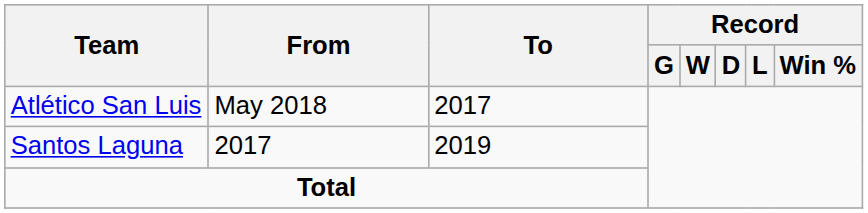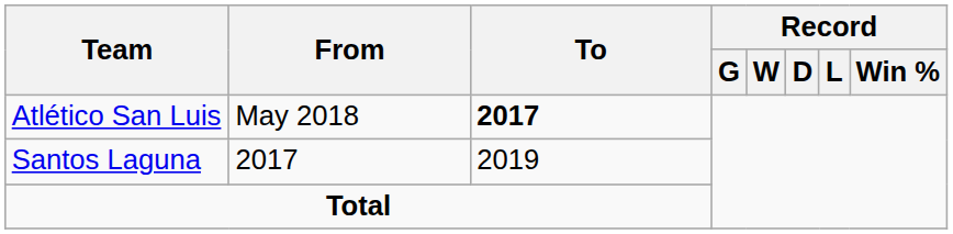 <table class="wikitable" style="text-align: center">
 <tr>
 <th rowspan="2" style="width:120px;">Team</th>
 <th rowspan="2" style="width:130px;">From</th>
 <th rowspan="2" style="width:130px;">To</th>
 <th colspan="8">Record</th>
 </tr>
 <tr>
 <th>G</th>
 <th>W</th>
 <th>D</th>
 <th>L</th>
 <th>Win %</th>
 </tr>
 <tr>
 <td style="text-align:left;"><a href='#'>Atlético San Luis</a></td>
 <td style="text-align:left;">May 2018</td>
-<td align="left">2017<br></td>
+<td align="left"><strong>2017<br></strong></td>
 </tr>
 <tr>
 <td style="text-align:left;"><a href='#'>Santos Laguna</a></td>
 <td style="text-align:left;">2017</td>
 <td align="left">2019<br></td>
 </tr>
 <tr>
 <td colspan="3"><strong>Total</strong><br></td>
 </tr>
 </table>
